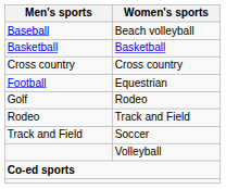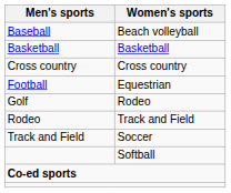 <table class="wikitable" style="float:center">
 <tr>
 <th width=150px>Men's sports</th>
 <th width=150px>Women's sports</th>
 </tr>
 <tr>
 <td><a href='#'>Baseball</a></td>
 <td>Beach volleyball</td>
 </tr>
 <tr>
 <td><a href='#'>Basketball</a></td>
 <td><a href='#'>Basketball</a></td>
 </tr>
 <tr>
 <td>Cross country</td>
 <td>Cross country</td>
 </tr>
 <tr>
 <td><a href='#'>Football</a></td>
 <td>Equestrian</td>
 </tr>
 <tr>
 <td>Golf</td>
 <td>Rodeo</td>
 </tr>
 <tr>
 <td>Rodeo</td>
 <td>Track and Field</td>
 </tr>
 <tr>
 <td>Track and Field</td>
 <td>Soccer</td>
 </tr>
 <tr>
 <td></td>
-<td>Volleyball</td>
+<td>Softball</td>
 </tr>
 <tr>
 <td colspan="2"><strong>Co-ed sports</strong></td>
 </tr>
 <tr>
 <td colspan="2"></td>
 </tr>
 </table>
